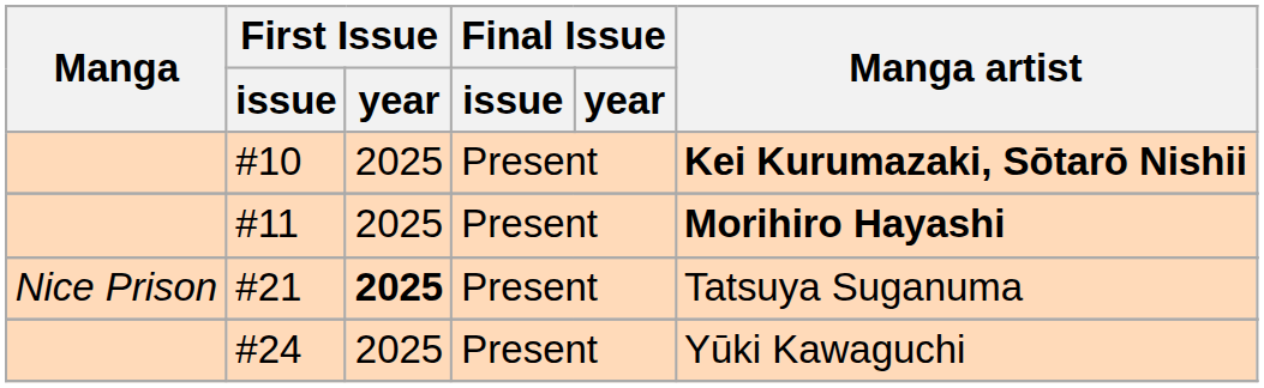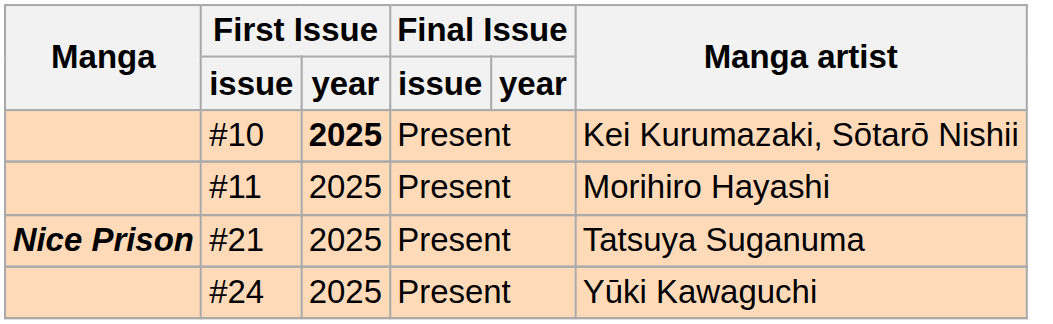 <table class="wikitable sortable">
 <tr>
 <th rowspan="2" scope="col">Manga</th>
 <th colspan="2" scope="col">First Issue</th>
 <th colspan="2" scope="col">Final Issue</th>
 <th rowspan="2" scope="col">Manga artist</th>
 </tr>
 <tr>
 <th scope="col">issue</th>
 <th scope="col">year</th>
 <th scope="col">issue</th>
 <th scope="col">year</th>
 </tr>
 <tr style="background-color:#FFDAB9;">
 <td></td>
 <td>#10</td>
-<td>2025</td>
+<td><strong>2025</strong></td>
 <td colspan="2">Present</td>
-<td><strong>Kei Kurumazaki, Sōtarō Nishii</strong></td>
+<td>Kei Kurumazaki, Sōtarō Nishii</td>
 </tr>
 <tr style="background-color:#FFDAB9;">
 </tr>
 <tr>
 </tr>
 <tr style="background-color:#FFDAB9;">
 <td></td>
 <td>#11</td>
 <td>2025</td>
 <td colspan="2">Present</td>
-<td><strong>Morihiro Hayashi</strong></td>
+<td>Morihiro Hayashi</td>
 </tr>
 <tr>
 </tr>
 <tr style="background-color:#FFDAB9;">
-<td><em>Nice Prison</em></td>
+<td><strong><em>Nice Prison</em></strong></td>
 <td>#21</td>
-<td><strong>2025</strong></td>
+<td>2025</td>
 <td colspan="2">Present</td>
 <td>Tatsuya Suganuma</td>
 </tr>
 <tr>
 </tr>
 <tr style="background-color:#FFDAB9;">
 <td></td>
 <td>#24</td>
 <td>2025</td>
 <td colspan="2">Present</td>
 <td>Yūki Kawaguchi</td>
 </tr>
 <tr style="background-color:#FFDAB9;">
 </tr>
 </table>
